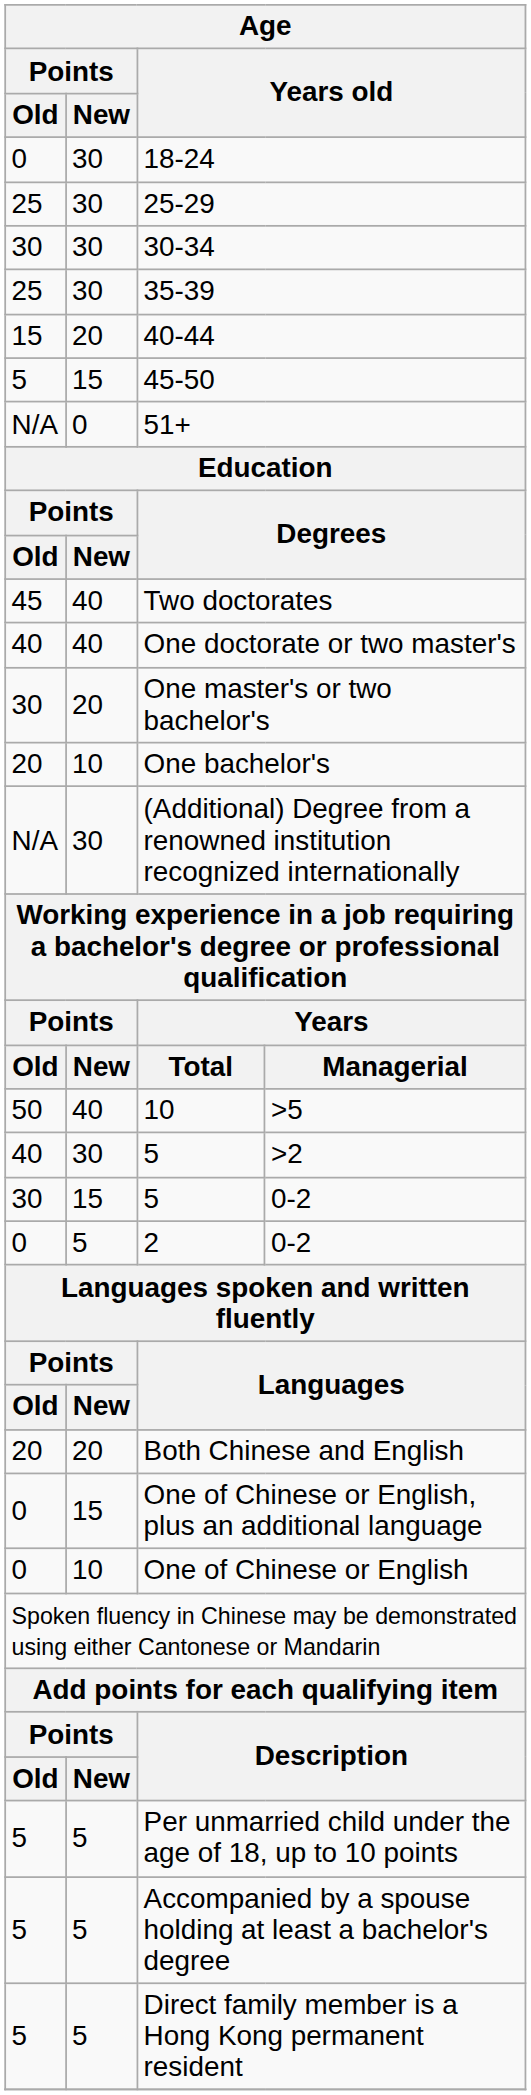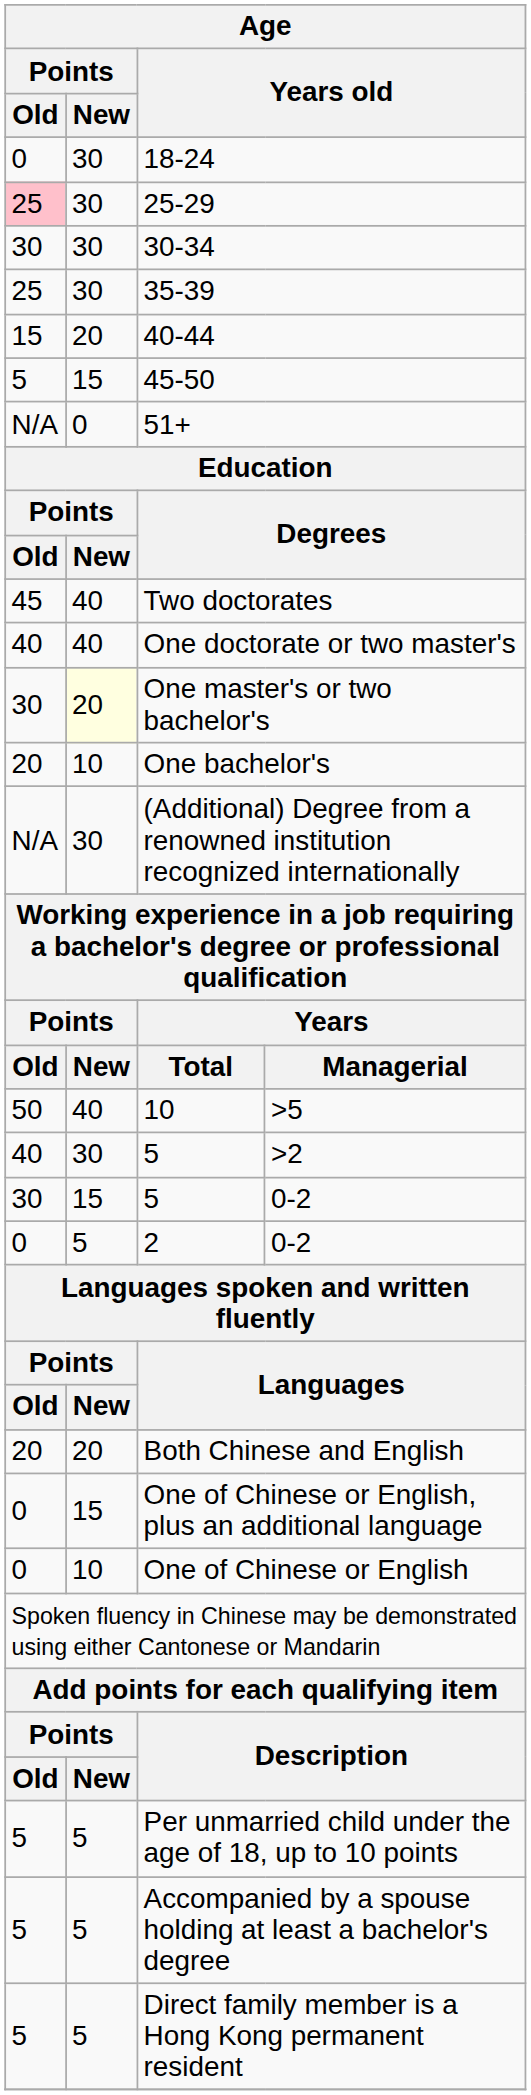 <table class="wikitable" style="float:right; clear:right; width:300px; margin:0 1em 1em">
 <tr>
 <th colspan=4>Age</th>
 </tr>
 <tr>
 <th colspan=2>Points</th>
 <th colspan=2 rowspan=2>Years old</th>
 </tr>
 <tr>
 <th>Old</th>
 <th>New</th>
 </tr>
 <tr>
 <td>0</td>
 <td>30</td>
 <td colspan=2>18-24</td>
 </tr>
 <tr>
-<td>25</td>
+<td style="background: pink;">25</td>
 <td>30</td>
 <td colspan=2>25-29</td>
 </tr>
 <tr>
 <td>30</td>
 <td>30</td>
 <td colspan=2>30-34</td>
 </tr>
 <tr>
 <td>25</td>
 <td>30</td>
 <td colspan=2>35-39</td>
 </tr>
 <tr>
 <td>15</td>
 <td>20</td>
 <td colspan=2>40-44</td>
 </tr>
 <tr>
 <td>5</td>
 <td>15</td>
 <td colspan=2>45-50</td>
 </tr>
 <tr>
 <td>N/A</td>
 <td>0</td>
 <td colspan=2>51+</td>
 </tr>
 <tr>
 <th colspan=4>Education</th>
 </tr>
 <tr>
 <th colspan=2>Points</th>
 <th colspan=2 rowspan=2>Degrees</th>
 </tr>
 <tr>
 <th>Old</th>
 <th>New</th>
 </tr>
 <tr>
 <td>45</td>
 <td>40</td>
 <td colspan=2>Two doctorates</td>
 </tr>
 <tr>
 <td>40</td>
 <td>40</td>
 <td colspan=2>One doctorate or two master's</td>
 </tr>
 <tr>
 <td>30</td>
-<td>20</td>
+<td style="background: lightyellow;">20</td>
 <td colspan=2>One master's or two bachelor's</td>
 </tr>
 <tr>
 <td>20</td>
 <td>10</td>
 <td colspan=2>One bachelor's</td>
 </tr>
 <tr>
 <td>N/A</td>
 <td>30</td>
 <td colspan="2">(Additional) Degree from a renowned institution recognized internationally</td>
 </tr>
 <tr>
 <th colspan=4>Working experience in a job requiring a bachelor's degree or professional qualification</th>
 </tr>
 <tr>
 <th colspan=2>Points</th>
 <th colspan=2>Years</th>
 </tr>
 <tr>
 <th>Old</th>
 <th>New</th>
 <th>Total</th>
 <th>Managerial</th>
 </tr>
 <tr>
 <td>50</td>
 <td>40</td>
 <td>10</td>
 <td>>5</td>
 </tr>
 <tr>
 <td>40</td>
 <td>30</td>
 <td>5</td>
 <td>>2</td>
 </tr>
 <tr>
 <td>30</td>
 <td>15</td>
 <td>5</td>
 <td>0-2</td>
 </tr>
 <tr>
 <td>0</td>
 <td>5</td>
 <td>2</td>
 <td>0-2</td>
 </tr>
 <tr>
 <th colspan=4>Languages spoken and written fluently</th>
 </tr>
 <tr>
 <th colspan=2>Points</th>
 <th colspan=2 rowspan=2>Languages</th>
 </tr>
 <tr>
 <th>Old</th>
 <th>New</th>
 </tr>
 <tr>
 <td>20</td>
 <td>20</td>
 <td colspan=2>Both Chinese and English</td>
 </tr>
 <tr>
 <td>0</td>
 <td>15</td>
 <td colspan=2>One of Chinese or English, plus an additional language</td>
 </tr>
 <tr>
 <td>0</td>
 <td>10</td>
 <td colspan=2>One of Chinese or English</td>
 </tr>
 <tr>
 <td colspan=4><small>Spoken fluency in Chinese may be demonstrated using either Cantonese or Mandarin</small></td>
 </tr>
 <tr>
 <th colspan=4>Add points for each qualifying item</th>
 </tr>
 <tr>
 <th colspan=2>Points</th>
 <th colspan=2 rowspan=2>Description</th>
 </tr>
 <tr>
 <th>Old</th>
 <th>New</th>
 </tr>
 <tr>
 <td>5</td>
 <td>5</td>
 <td colspan=2>Per unmarried child under the age of 18, up to 10 points</td>
 </tr>
 <tr>
 <td>5</td>
 <td>5</td>
 <td colspan=2>Accompanied by a spouse holding at least a bachelor's degree</td>
 </tr>
 <tr>
 <td>5</td>
 <td>5</td>
 <td colspan=2>Direct family member is a Hong Kong permanent resident</td>
 </tr>
 <tr>
 </tr>
 </table>
